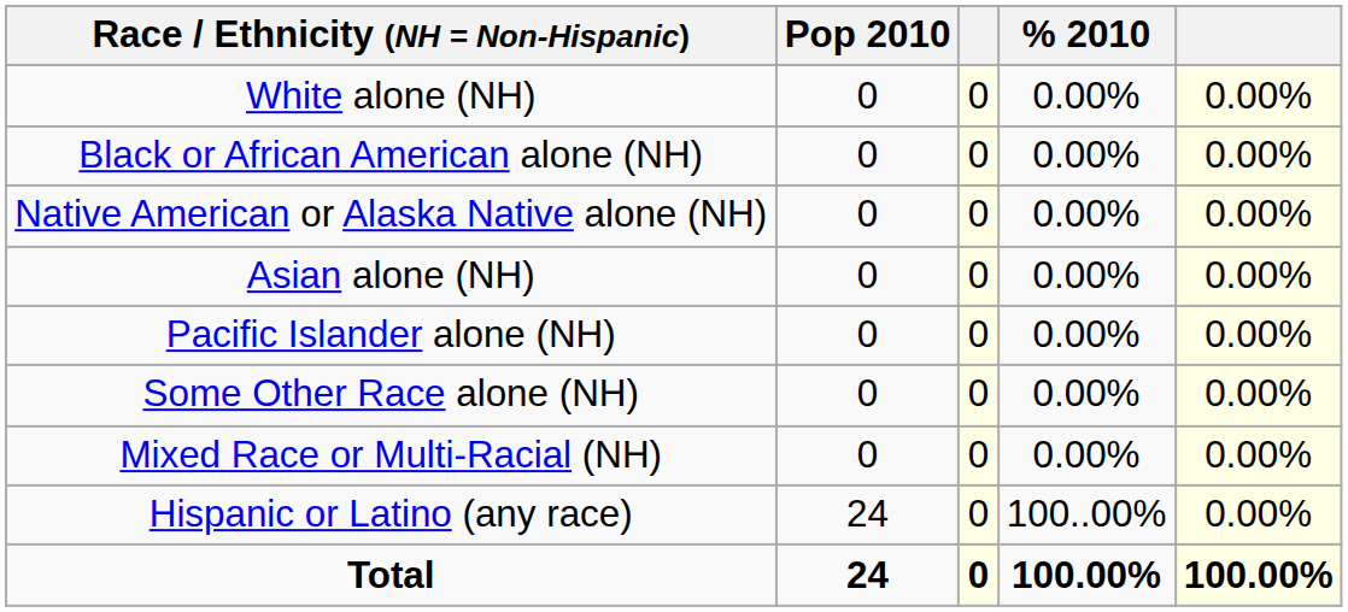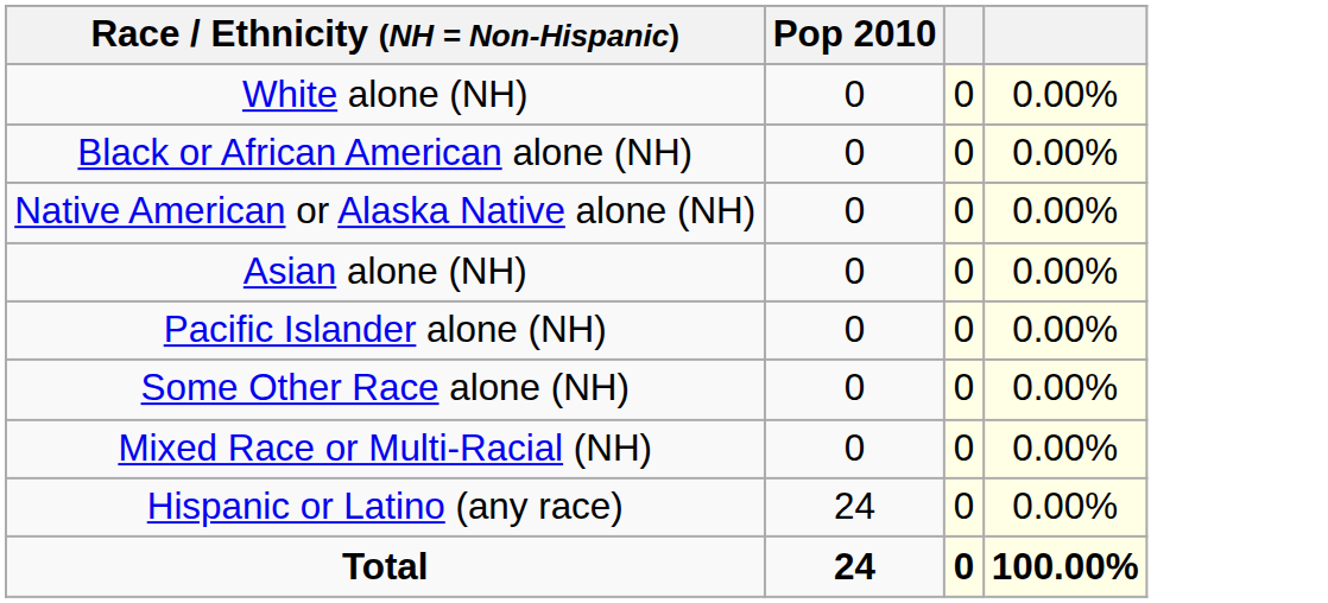 <table class="wikitable" style="text-align:center;">
 <tr>
 <th>Race / Ethnicity <small>(<em>NH = Non-Hispanic</em>)</small></th>
 <th>Pop 2010</th>
 <th></th>
-<th>% 2010</th>
 <th></th>
 </tr>
 <tr>
 <td><a href='#'>White</a> alone (NH)</td>
 <td>0</td>
 <td style='background: #ffffe6;'>0</td>
-<td>0.00%</td>
 <td style='background: #ffffe6;'>0.00%</td>
 </tr>
 <tr>
 <td><a href='#'>Black or African American</a> alone (NH)</td>
 <td>0</td>
 <td style='background: #ffffe6;'>0</td>
-<td>0.00%</td>
 <td style='background: #ffffe6;'>0.00%</td>
 </tr>
 <tr>
 <td><a href='#'>Native American</a> or <a href='#'>Alaska Native</a> alone (NH)</td>
 <td>0</td>
 <td style='background: #ffffe6;'>0</td>
-<td>0.00%</td>
 <td style='background: #ffffe6;'>0.00%</td>
 </tr>
 <tr>
 <td><a href='#'>Asian</a> alone (NH)</td>
 <td>0</td>
 <td style='background: #ffffe6;'>0</td>
-<td>0.00%</td>
 <td style='background: #ffffe6;'>0.00%</td>
 </tr>
 <tr>
 <td><a href='#'>Pacific Islander</a> alone (NH)</td>
 <td>0</td>
 <td style='background: #ffffe6;'>0</td>
-<td>0.00%</td>
 <td style='background: #ffffe6;'>0.00%</td>
 </tr>
 <tr>
 <td><a href='#'>Some Other Race</a> alone (NH)</td>
 <td>0</td>
 <td style='background: #ffffe6;'>0</td>
-<td>0.00%</td>
 <td style='background: #ffffe6;'>0.00%</td>
 </tr>
 <tr>
 <td><a href='#'>Mixed Race or Multi-Racial</a> (NH)</td>
 <td>0</td>
 <td style='background: #ffffe6;'>0</td>
-<td>0.00%</td>
 <td style='background: #ffffe6;'>0.00%</td>
 </tr>
 <tr>
 <td><a href='#'>Hispanic or Latino</a> (any race)</td>
 <td>24</td>
 <td style='background: #ffffe6;'>0</td>
-<td>100..00%</td>
 <td style='background: #ffffe6;'>0.00%</td>
 </tr>
 <tr>
 <td><strong>Total</strong></td>
 <td><strong>24</strong></td>
 <td style='background: #ffffe6;'><strong>0</strong></td>
-<td><strong>100.00%</strong></td>
 <td style='background: #ffffe6;'><strong>100.00%</strong></td>
 </tr>
 </table>
